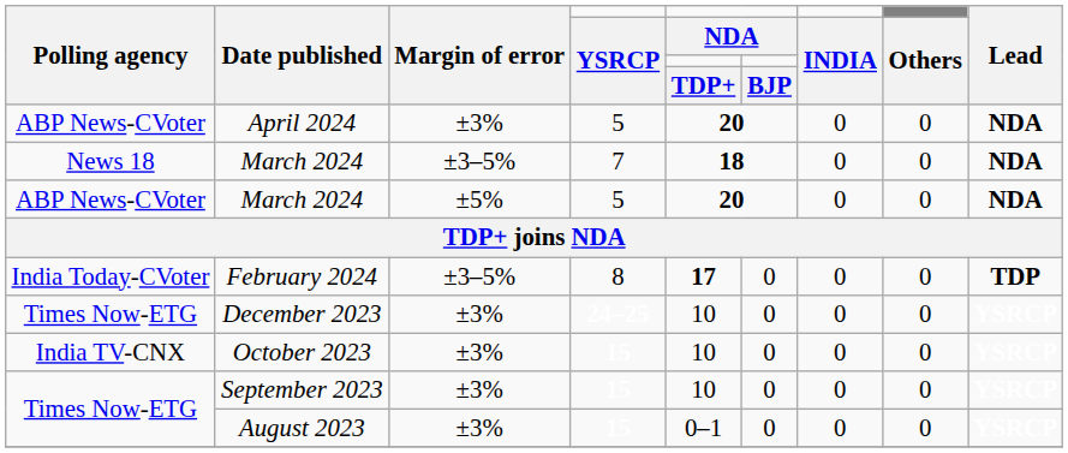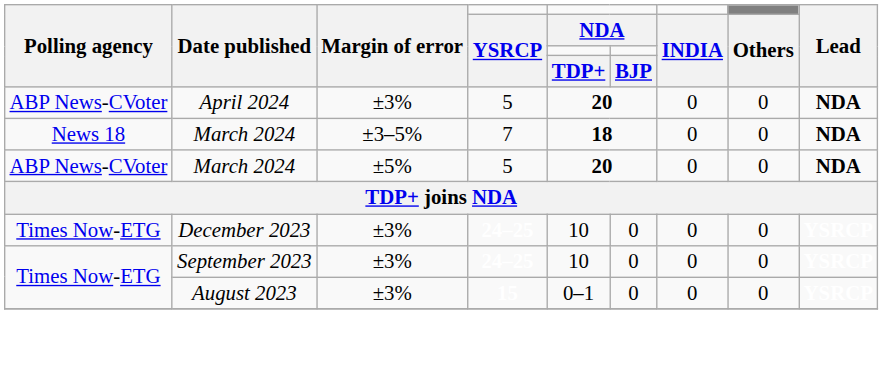 <table class="wikitable sortable" style="text-align:center;font-size:95%;line-height:16px">
 <tr>
 <th rowspan="4">Polling agency</th>
 <th rowspan="4">Date published</th>
 <th rowspan="4">Margin of error</th>
 <td colspan="1"></td>
 <td colspan="2"></td>
 <td colspan="1"></td>
 <td colspan="1" bgcolor="grey"></td>
 <th rowspan="4">Lead</th>
 </tr>
 <tr>
 <th rowspan="3"><a href='#'>YSRCP</a></th>
 <th colspan="2"><a href='#'>NDA</a></th>
 <th rowspan="3"><a href='#'>INDIA</a></th>
 <th rowspan="3">Others</th>
 </tr>
 <tr>
 <td></td>
 <td></td>
 </tr>
 <tr>
 <th rowspan="1"><a href='#'>TDP+</a></th>
 <th rowspan="1"><a href='#'>BJP</a></th>
 </tr>
 <tr>
 <td><a href='#'>ABP News</a>-<a href='#'>CVoter</a></td>
 <td><em>April 2024</em></td>
 <td>±3%</td>
 <td>5</td>
 <td colspan="2"><strong>20</strong></td>
 <td>0</td>
 <td>0</td>
 <td><strong>NDA</strong></td>
 </tr>
 <tr>
 <td><a href='#'>News 18</a></td>
 <td><em>March 2024</em></td>
 <td>±3–5%</td>
 <td>7</td>
 <td colspan="2"><strong>18</strong></td>
 <td>0</td>
 <td>0</td>
 <td><strong>NDA</strong></td>
 </tr>
 <tr>
 <td><a href='#'>ABP News</a>-<a href='#'>CVoter</a></td>
 <td><em>March 2024</em></td>
 <td>±5%</td>
 <td>5</td>
 <td colspan="2"><strong>20</strong></td>
 <td>0</td>
 <td>0</td>
 <td><strong>NDA</strong></td>
 </tr>
 <tr>
 <th colspan="9"><a href='#'>TDP+</a> joins <a href='#'>NDA</a></th>
 </tr>
 <tr>
-<td><a href='#'>India Today</a>-<a href='#'>CVoter</a></td>
-<td><em>February 2024</em></td>
-<td>±3–5%</td>
-<td>8</td>
-<td><strong>17</strong></td>
-<td>0</td>
-<td>0</td>
-<td>0</td>
-<td><strong>TDP</strong></td>
-</tr>
-<tr>
 <td><a href='#'>Times Now</a>-<a href='#'>ETG</a></td>
 <td><em>December 2023</em></td>
 <td>±3%</td>
 <td style="color:white;"><strong>24–25</strong></td>
 <td>10</td>
 <td>0</td>
 <td>0</td>
 <td>0</td>
 <td style="color:white;"><strong>YSRCP</strong></td>
 </tr>
 <tr>
-<td><a href='#'>India TV</a>-CNX</td>
-<td><em>October 2023</em></td>
-<td>±3%</td>
-<td style="color:white;"><strong>15</strong></td>
-<td>10</td>
-<td>0</td>
-<td>0</td>
-<td>0</td>
-<td style="color:white;"><strong>YSRCP</strong></td>
-</tr>
-<tr>
 <td rowspan="2"><a href='#'>Times Now</a>-<a href='#'>ETG</a></td>
 <td><em>September 2023</em></td>
 <td>±3%</td>
-<td style="color:white;"><strong>15</strong></td>
+<td style="color:white;"><strong>24–25</strong></td>
 <td>10</td>
 <td>0</td>
 <td>0</td>
 <td>0</td>
 <td style="color:white;" bgcolor=><strong>YSRCP</strong></td>
 </tr>
 <tr>
 <td><em>August 2023</em></td>
 <td>±3%</td>
 <td style="color:white;"><strong>15</strong></td>
 <td>0–1</td>
 <td>0</td>
 <td>0</td>
 <td>0</td>
 <td style="color:white;" bgcolor=><strong>YSRCP</strong></td>
 </tr>
 <tr>
 </tr>
 </table>
